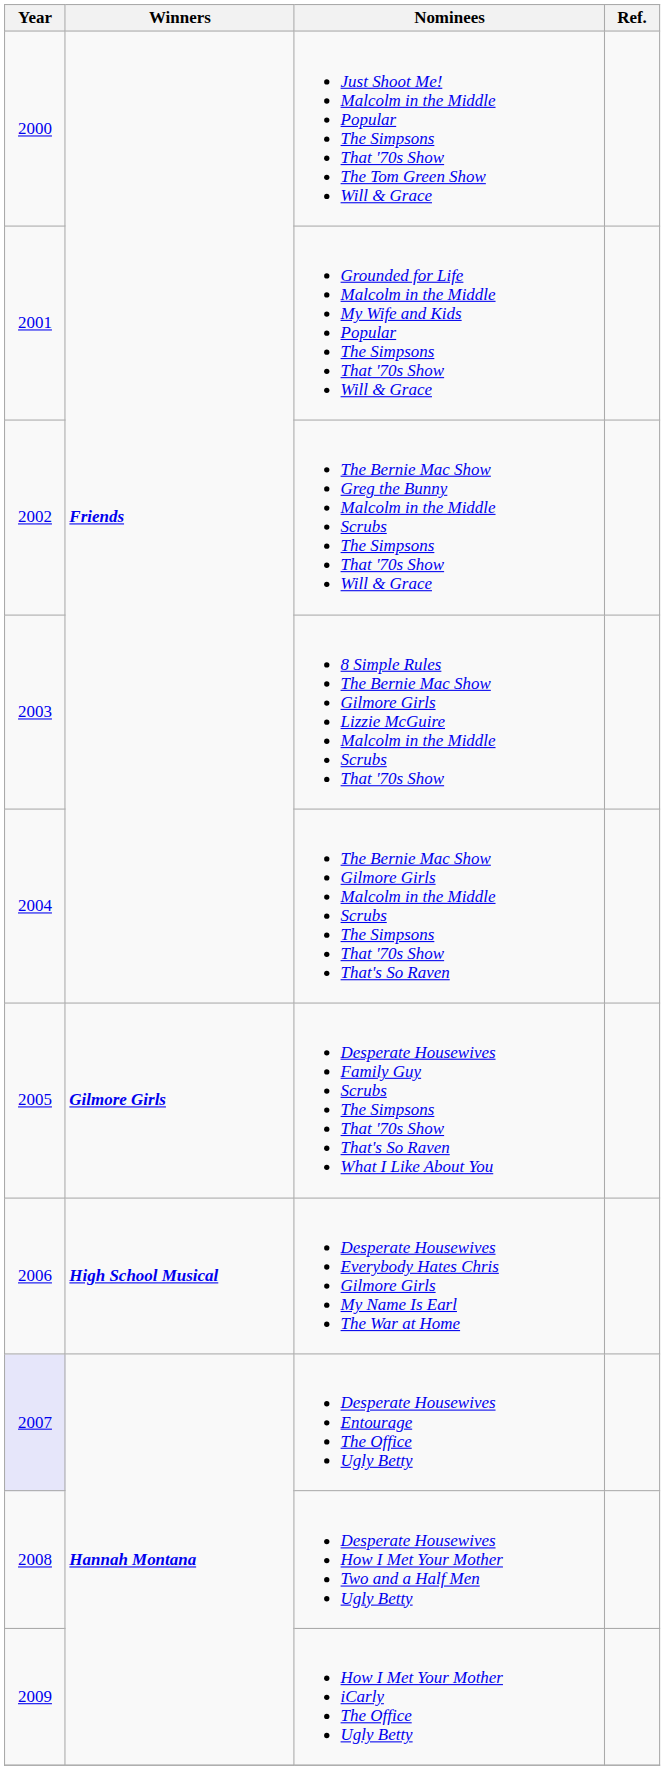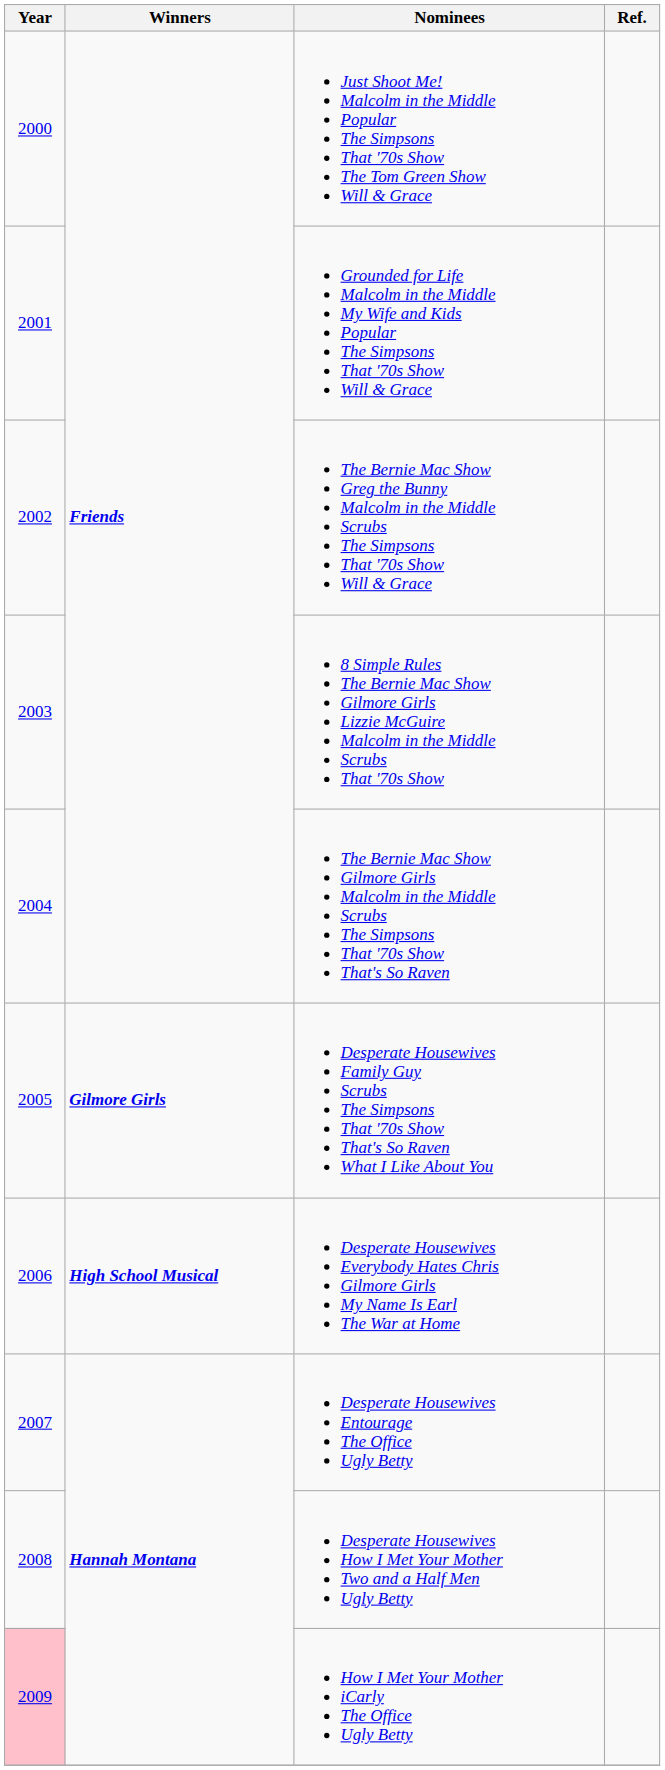 <table class="wikitable" width=70%>
 <tr>
 <th>Year</th>
 <th>Winners</th>
 <th>Nominees</th>
 <th>Ref.</th>
 </tr>
 <tr>
 <td align="center"><a href='#'>2000</a></td>
 <td rowspan=5><strong><em><a href='#'>Friends</a></em></strong></td>
 <td><br><ul><li><em><a href='#'>Just Shoot Me!</a></em></li><li><em><a href='#'>Malcolm in the Middle</a></em></li><li><em><a href='#'>Popular</a></em></li><li><em><a href='#'>The Simpsons</a></em></li><li><em><a href='#'>That '70s Show</a></em></li><li><em><a href='#'>The Tom Green Show</a></em></li><li><em><a href='#'>Will & Grace</a></em></li></ul></td>
 <td align="center"></td>
 </tr>
 <tr>
 <td align="center"><a href='#'>2001</a></td>
 <td><br><ul><li><em><a href='#'>Grounded for Life</a></em></li><li><em><a href='#'>Malcolm in the Middle</a></em></li><li><em><a href='#'>My Wife and Kids</a></em></li><li><em><a href='#'>Popular</a></em></li><li><em><a href='#'>The Simpsons</a></em></li><li><em><a href='#'>That '70s Show</a></em></li><li><em><a href='#'>Will & Grace</a></em></li></ul></td>
 <td align="center"></td>
 </tr>
 <tr>
 <td align="center"><a href='#'>2002</a></td>
 <td><br><ul><li><em><a href='#'>The Bernie Mac Show</a></em></li><li><em><a href='#'>Greg the Bunny</a></em></li><li><em><a href='#'>Malcolm in the Middle</a></em></li><li><em><a href='#'>Scrubs</a></em></li><li><em><a href='#'>The Simpsons</a></em></li><li><em><a href='#'>That '70s Show</a></em></li><li><em><a href='#'>Will & Grace</a></em></li></ul></td>
 <td align="center"></td>
 </tr>
 <tr>
 <td align="center"><a href='#'>2003</a></td>
 <td><br><ul><li><em><a href='#'>8 Simple Rules</a></em></li><li><em><a href='#'>The Bernie Mac Show</a></em></li><li><em><a href='#'>Gilmore Girls</a></em></li><li><em><a href='#'>Lizzie McGuire</a></em></li><li><em><a href='#'>Malcolm in the Middle</a></em></li><li><em><a href='#'>Scrubs</a></em></li><li><em><a href='#'>That '70s Show</a></em></li></ul></td>
 <td align="center"></td>
 </tr>
 <tr>
 <td align="center"><a href='#'>2004</a></td>
 <td><br><ul><li><em><a href='#'>The Bernie Mac Show</a></em></li><li><em><a href='#'>Gilmore Girls</a></em></li><li><em><a href='#'>Malcolm in the Middle</a></em></li><li><em><a href='#'>Scrubs</a></em></li><li><em><a href='#'>The Simpsons</a></em></li><li><em><a href='#'>That '70s Show</a></em></li><li><em><a href='#'>That's So Raven</a></em></li></ul></td>
 <td align="center"></td>
 </tr>
 <tr>
 <td align="center"><a href='#'>2005</a></td>
 <td><strong><em><a href='#'>Gilmore Girls</a></em></strong></td>
 <td><br><ul><li><em><a href='#'>Desperate Housewives</a></em></li><li><em><a href='#'>Family Guy</a></em></li><li><em><a href='#'>Scrubs</a></em></li><li><em><a href='#'>The Simpsons</a></em></li><li><em><a href='#'>That '70s Show</a></em></li><li><em><a href='#'>That's So Raven</a></em></li><li><em><a href='#'>What I Like About You</a></em></li></ul></td>
 <td align="center"></td>
 </tr>
 <tr>
 <td align="center"><a href='#'>2006</a></td>
 <td><strong><em><a href='#'>High School Musical</a></em></strong></td>
 <td><br><ul><li><em><a href='#'>Desperate Housewives</a></em></li><li><em><a href='#'>Everybody Hates Chris</a></em></li><li><em><a href='#'>Gilmore Girls</a></em></li><li><em><a href='#'>My Name Is Earl</a></em></li><li><em><a href='#'>The War at Home</a></em></li></ul></td>
 <td align="center"></td>
 </tr>
 <tr>
-<td align="center" style="background: lavender;"><a href='#'>2007</a></td>
+<td align="center"><a href='#'>2007</a></td>
 <td rowspan=3><strong><em><a href='#'>Hannah Montana</a></em></strong></td>
 <td><br><ul><li><em><a href='#'>Desperate Housewives</a></em></li><li><em><a href='#'>Entourage</a></em></li><li><em><a href='#'>The Office</a></em></li><li><em><a href='#'>Ugly Betty</a></em></li></ul></td>
 <td align="center"></td>
 </tr>
 <tr>
 <td align="center"><a href='#'>2008</a></td>
 <td><br><ul><li><em><a href='#'>Desperate Housewives</a></em></li><li><em><a href='#'>How I Met Your Mother</a></em></li><li><em><a href='#'>Two and a Half Men</a></em></li><li><em><a href='#'>Ugly Betty</a></em></li></ul></td>
 <td align="center"></td>
 </tr>
 <tr>
-<td align="center"><a href='#'>2009</a></td>
+<td align="center" style="background: pink;"><a href='#'>2009</a></td>
 <td><br><ul><li><em><a href='#'>How I Met Your Mother</a></em></li><li><em><a href='#'>iCarly</a></em></li><li><em><a href='#'>The Office</a></em></li><li><em><a href='#'>Ugly Betty</a></em></li></ul></td>
 <td align="center"></td>
 </tr>
 <tr>
 </tr>
 </table>
